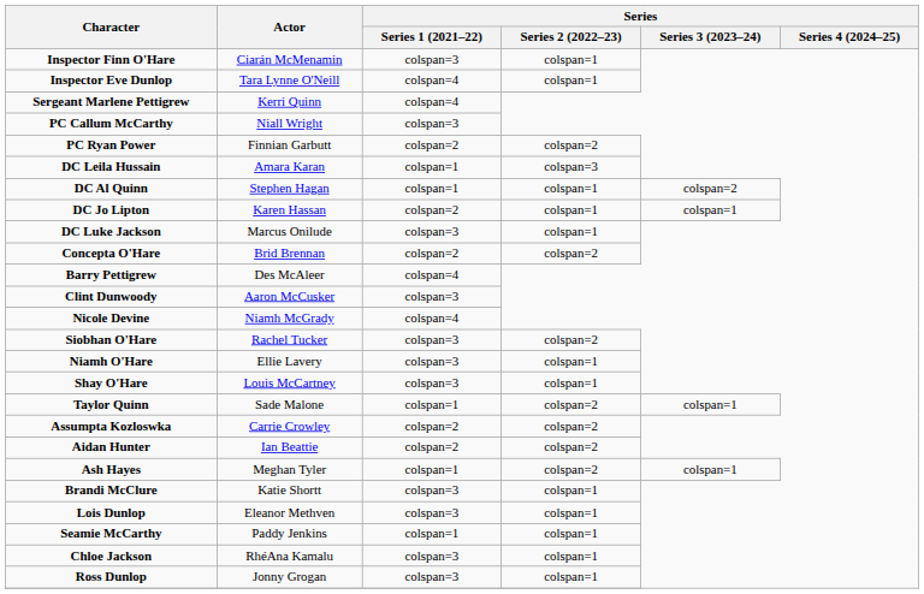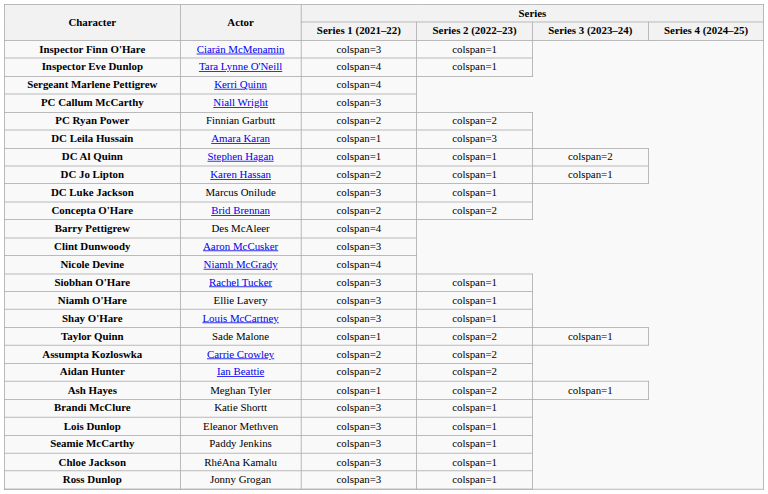 <table class="wikitable" style="text-align:center; width:60%; font-size:85%">
 <tr>
 <th rowspan="2">Character</th>
 <th rowspan="2">Actor</th>
 <th colspan="4">Series</th>
 </tr>
 <tr>
 <th>Series 1 (2021–22)</th>
 <th>Series 2 (2022–23)</th>
 <th>Series 3 (2023–24)</th>
 <th>Series 4 (2024–25)</th>
 </tr>
 <tr>
 <td><strong>Inspector Finn O'Hare</strong></td>
 <td><a href='#'>Ciarán McMenamin</a></td>
 <td>colspan=3 </td>
 <td>colspan=1 </td>
 </tr>
 <tr>
 <td><strong>Inspector Eve Dunlop</strong></td>
 <td><a href='#'>Tara Lynne O'Neill</a></td>
 <td>colspan=4 </td>
 <td>colspan=1 </td>
 </tr>
 <tr>
 <td><strong>Sergeant Marlene Pettigrew</strong></td>
 <td><a href='#'>Kerri Quinn</a></td>
 <td>colspan=4 </td>
 </tr>
 <tr>
 <td><strong>PC Callum McCarthy</strong></td>
 <td><a href='#'>Niall Wright</a></td>
 <td>colspan=3 </td>
 </tr>
 <tr>
 <td><strong>PC Ryan Power</strong></td>
 <td>Finnian Garbutt</td>
 <td>colspan=2 </td>
 <td>colspan=2 </td>
 </tr>
 <tr>
 <td><strong>DC Leila Hussain</strong></td>
 <td><a href='#'>Amara Karan</a></td>
 <td>colspan=1 </td>
 <td>colspan=3 </td>
 </tr>
 <tr>
 <td><strong>DC Al Quinn</strong></td>
 <td><a href='#'>Stephen Hagan</a></td>
 <td>colspan=1 </td>
 <td>colspan=1 </td>
 <td>colspan=2 </td>
 </tr>
 <tr>
 <td><strong>DC Jo Lipton</strong></td>
 <td><a href='#'>Karen Hassan</a></td>
 <td>colspan=2 </td>
 <td>colspan=1 </td>
 <td>colspan=1 </td>
 </tr>
 <tr>
 <td><strong>DC Luke Jackson</strong></td>
 <td>Marcus Onilude</td>
 <td>colspan=3 </td>
 <td>colspan=1 </td>
 </tr>
 <tr>
 <td><strong>Concepta O'Hare</strong></td>
 <td><a href='#'>Brid Brennan</a></td>
 <td>colspan=2 </td>
 <td>colspan=2 </td>
 </tr>
 <tr>
 <td><strong>Barry Pettigrew</strong></td>
 <td>Des McAleer</td>
 <td>colspan=4 </td>
 </tr>
 <tr>
 <td><strong>Clint Dunwoody</strong></td>
 <td><a href='#'>Aaron McCusker</a></td>
 <td>colspan=3 </td>
 </tr>
 <tr>
 <td><strong>Nicole Devine</strong></td>
 <td><a href='#'>Niamh McGrady</a></td>
 <td>colspan=4 </td>
 </tr>
 <tr>
 <td><strong>Siobhan O'Hare</strong></td>
 <td><a href='#'>Rachel Tucker</a></td>
 <td>colspan=3 </td>
-<td>colspan=2 </td>
+<td>colspan=1 </td>
 </tr>
 <tr>
 <td><strong>Niamh O'Hare</strong></td>
 <td>Ellie Lavery</td>
 <td>colspan=3 </td>
 <td>colspan=1 </td>
 </tr>
 <tr>
 <td><strong>Shay O'Hare</strong></td>
 <td><a href='#'>Louis McCartney</a></td>
 <td>colspan=3 </td>
 <td>colspan=1 </td>
 </tr>
 <tr>
 <td><strong>Taylor Quinn</strong></td>
 <td>Sade Malone</td>
 <td>colspan=1 </td>
 <td>colspan=2 </td>
 <td>colspan=1 </td>
 </tr>
 <tr>
 <td><strong>Assumpta Kozloswka</strong></td>
 <td><a href='#'>Carrie Crowley</a></td>
 <td>colspan=2 </td>
 <td>colspan=2 </td>
 </tr>
 <tr>
 <td><strong>Aidan Hunter</strong></td>
 <td><a href='#'>Ian Beattie</a></td>
 <td>colspan=2 </td>
 <td>colspan=2 </td>
 </tr>
 <tr>
 <td><strong>Ash Hayes</strong></td>
 <td>Meghan Tyler</td>
 <td>colspan=1 </td>
 <td>colspan=2 </td>
 <td>colspan=1 </td>
 </tr>
 <tr>
 <td><strong>Brandi McClure</strong></td>
 <td>Katie Shortt</td>
 <td>colspan=3 </td>
 <td>colspan=1 </td>
 </tr>
 <tr>
 <td><strong>Lois Dunlop</strong></td>
 <td>Eleanor Methven</td>
 <td>colspan=3 </td>
 <td>colspan=1 </td>
 </tr>
 <tr>
 <td><strong>Seamie McCarthy</strong></td>
 <td>Paddy Jenkins</td>
-<td>colspan=1 </td>
+<td>colspan=3 </td>
 <td>colspan=1 </td>
 </tr>
 <tr>
 <td><strong>Chloe Jackson</strong></td>
 <td>RhéAna Kamalu</td>
 <td>colspan=3 </td>
 <td>colspan=1 </td>
 </tr>
 <tr>
 <td><strong>Ross Dunlop</strong></td>
 <td>Jonny Grogan</td>
 <td>colspan=3 </td>
 <td>colspan=1 </td>
 </tr>
 <tr>
 </tr>
 </table>
